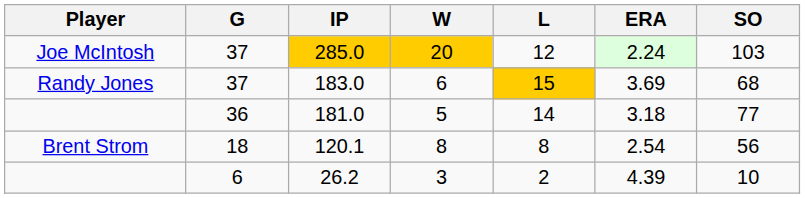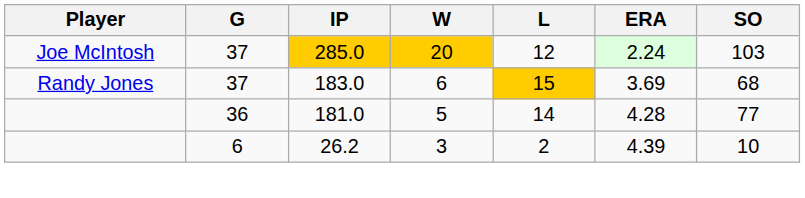 <table class="wikitable sortable">
 <tr>
 <th bgcolor="#DDDDFF" width="16%">Player</th>
 <th bgcolor="#DDDDFF" width="9%">G</th>
 <th bgcolor="#DDDDFF" width="9%">IP</th>
 <th bgcolor="#DDDDFF" width="9%">W</th>
 <th bgcolor="#DDDDFF" width="9%">L</th>
 <th bgcolor="#DDDDFF" width="9%">ERA</th>
 <th bgcolor="#DDDDFF" width="9%">SO</th>
 </tr>
 <tr align="center">
 <td><a href='#'>Joe McIntosh</a></td>
 <td>37</td>
 <td style="background:#fc0;">285.0</td>
 <td style="background:#fc0;">20</td>
 <td>12</td>
 <td style="background:#DDFFDD;">2.24</td>
 <td>103</td>
 </tr>
 <tr align=center>
 <td><a href='#'>Randy Jones</a></td>
 <td>37</td>
 <td>183.0</td>
 <td>6</td>
 <td style="background:#fc0;">15</td>
 <td>3.69</td>
 <td>68</td>
 </tr>
 <tr align=center>
 <td></td>
 <td>36</td>
 <td>181.0</td>
 <td>5</td>
 <td>14</td>
-<td>3.18</td>
+<td>4.28</td>
 <td>77</td>
-</tr>
-<tr align="center">
-<td><a href='#'>Brent Strom</a></td>
-<td>18</td>
-<td>120.1</td>
-<td>8</td>
-<td>8</td>
-<td>2.54</td>
-<td>56</td>
 </tr>
 <tr align=center>
 <td></td>
 <td>6</td>
 <td>26.2</td>
 <td>3</td>
 <td>2</td>
 <td>4.39</td>
 <td>10</td>
 </tr>
 </table>
